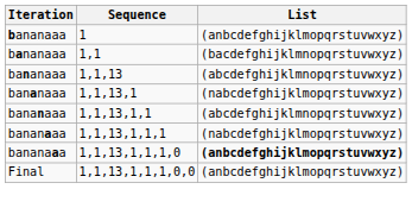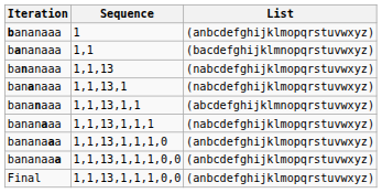 <table class="wikitable" style="font-family:monospace;">
 <tr>
 <th>Iteration</th>
 <th>Sequence</th>
 <th>List</th>
 </tr>
 <tr>
 <td><strong>b</strong>ananaaa</td>
 <td>1</td>
 <td>(anbcdefghijklmopqrstuvwxyz)</td>
 </tr>
 <tr>
 <td>b<strong>a</strong>nanaaa</td>
 <td>1,1</td>
 <td>(bacdefghijklmnopqrstuvwxyz)</td>
 </tr>
 <tr>
 <td>ba<strong>n</strong>anaaa</td>
 <td>1,1,13</td>
-<td>(abcdefghijklmnopqrstuvwxyz)</td>
+<td>(nabcdefghijklmopqrstuvwxyz)</td>
 </tr>
 <tr>
 <td>ban<strong>a</strong>naaa</td>
 <td>1,1,13,1</td>
 <td>(nabcdefghijklmopqrstuvwxyz)</td>
 </tr>
 <tr>
 <td>bana<strong>n</strong>aaa</td>
 <td>1,1,13,1,1</td>
 <td>(abcdefghijklmnopqrstuvwxyz)</td>
 </tr>
 <tr>
 <td>banan<strong>a</strong>aa</td>
 <td>1,1,13,1,1,1</td>
 <td>(nabcdefghijklmopqrstuvwxyz)</td>
 </tr>
 <tr>
 <td>banana<strong>a</strong>a</td>
 <td>1,1,13,1,1,1,0</td>
-<td><strong>(anbcdefghijklmopqrstuvwxyz)</strong></td>
+<td>(anbcdefghijklmopqrstuvwxyz)</td>
+</tr>
+<tr>
+<td>bananaa<strong>a</strong></td>
+<td>1,1,13,1,1,1,0,0</td>
+<td>(anbcdefghijklmopqrstuvwxyz)</td>
 </tr>
 <tr>
 <td>Final</td>
 <td>1,1,13,1,1,1,0,0</td>
 <td>(anbcdefghijklmopqrstuvwxyz)</td>
 </tr>
 </table>
